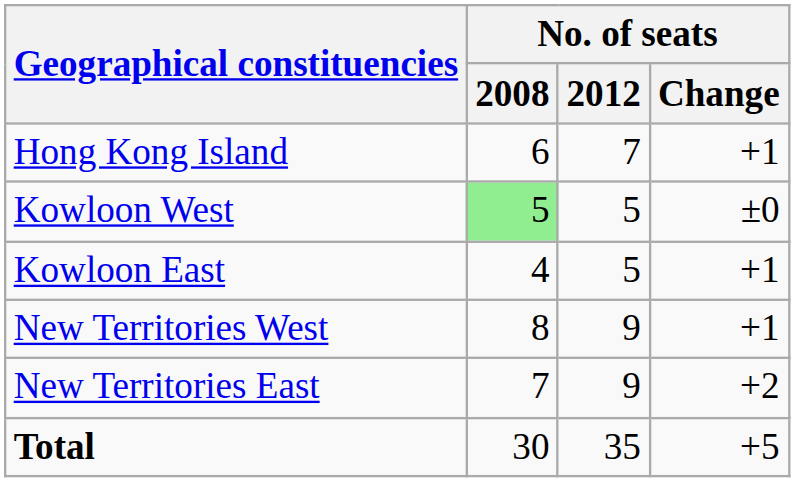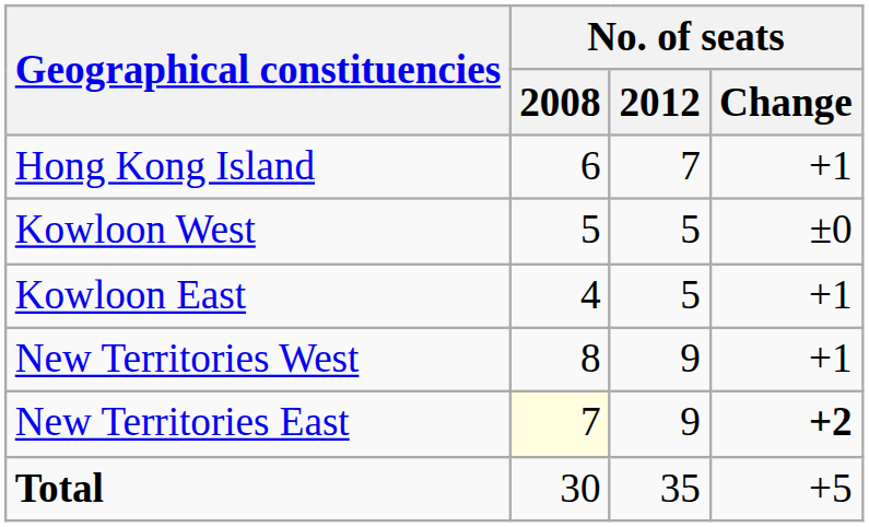 <table class="wikitable">
 <tr>
 <th rowspan=2><a href='#'>Geographical constituencies</a></th>
 <th colspan=5>No. of seats</th>
 </tr>
 <tr>
 <th>2008</th>
 <th>2012</th>
 <th>Change</th>
 </tr>
 <tr align=right>
 <td align=left><a href='#'>Hong Kong Island</a></td>
 <td>6</td>
 <td>7</td>
 <td>+1</td>
 </tr>
 <tr align=right>
 <td align=left><a href='#'>Kowloon West</a></td>
-<td style="background: lightgreen;">5</td>
+<td>5</td>
 <td>5</td>
 <td>±0</td>
 </tr>
 <tr align=right>
 <td align=left><a href='#'>Kowloon East</a></td>
 <td>4</td>
 <td>5</td>
 <td>+1</td>
 </tr>
 <tr align=right>
 <td align=left><a href='#'>New Territories West</a></td>
 <td>8</td>
 <td>9</td>
 <td>+1</td>
 </tr>
 <tr align=right>
 <td align=left><a href='#'>New Territories East</a></td>
-<td>7</td>
+<td style="background: lightyellow;">7</td>
 <td>9</td>
-<td>+2</td>
+<td><strong>+2</strong></td>
 </tr>
 <tr align=right>
 <td align=left><strong>Total</strong></td>
 <td>30</td>
 <td>35</td>
 <td>+5</td>
 </tr>
 </table>
